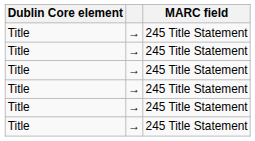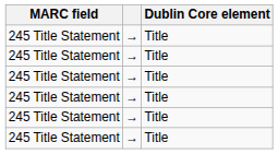 <table class="wikitable" style="margin:1em auto;">
 <tr>
+<th>MARC field</th>
+<th></th>
 <th>Dublin Core element</th>
-<th></th>
-<th>MARC field</th>
 </tr>
 <tr>
+<td>245 Title Statement</td>
+<td>→</td>
 <td>Title</td>
-<td>→</td>
-<td>245 Title Statement</td>
 </tr>
 <tr>
+<td>245 Title Statement</td>
+<td>→</td>
 <td>Title</td>
-<td>→</td>
-<td>245 Title Statement</td>
 </tr>
 <tr>
+<td>245 Title Statement</td>
+<td>→</td>
 <td>Title</td>
-<td>→</td>
-<td>245 Title Statement</td>
 </tr>
 <tr>
+<td>245 Title Statement</td>
+<td>→</td>
 <td>Title</td>
-<td>→</td>
-<td>245 Title Statement</td>
 </tr>
 <tr>
+<td>245 Title Statement</td>
+<td>→</td>
 <td>Title</td>
-<td>→</td>
-<td>245 Title Statement</td>
 </tr>
 <tr>
+<td>245 Title Statement</td>
+<td>→</td>
 <td>Title</td>
-<td>→</td>
-<td>245 Title Statement</td>
 </tr>
 </table>
